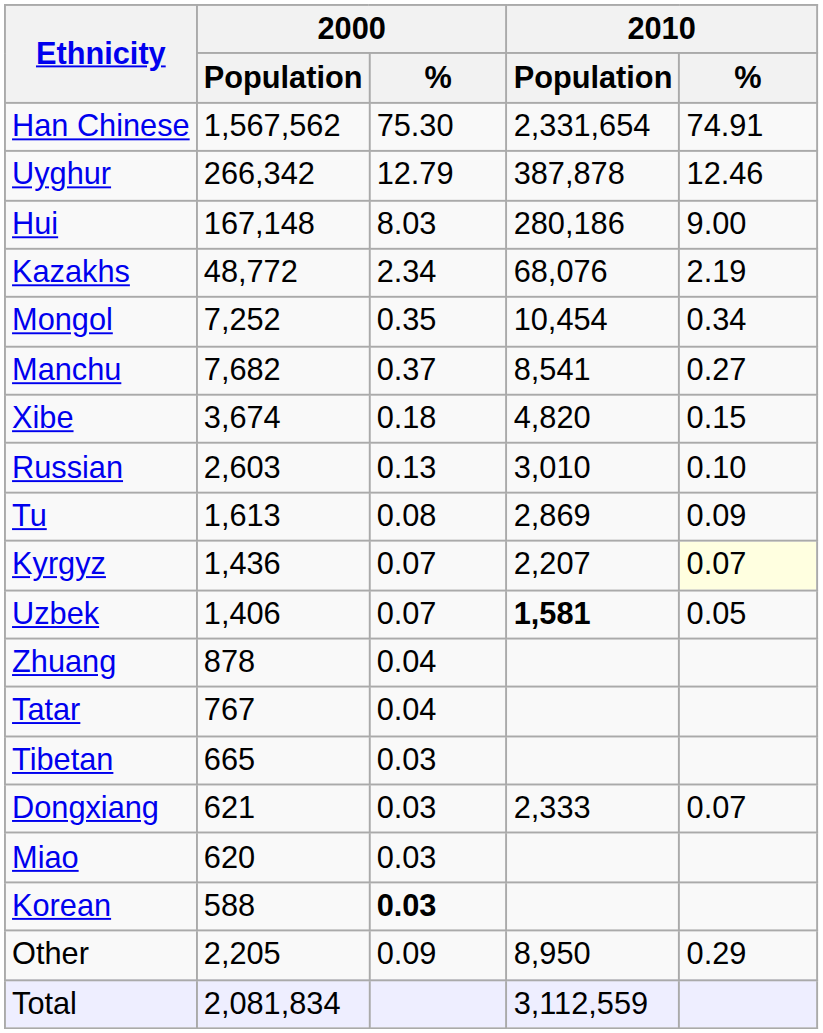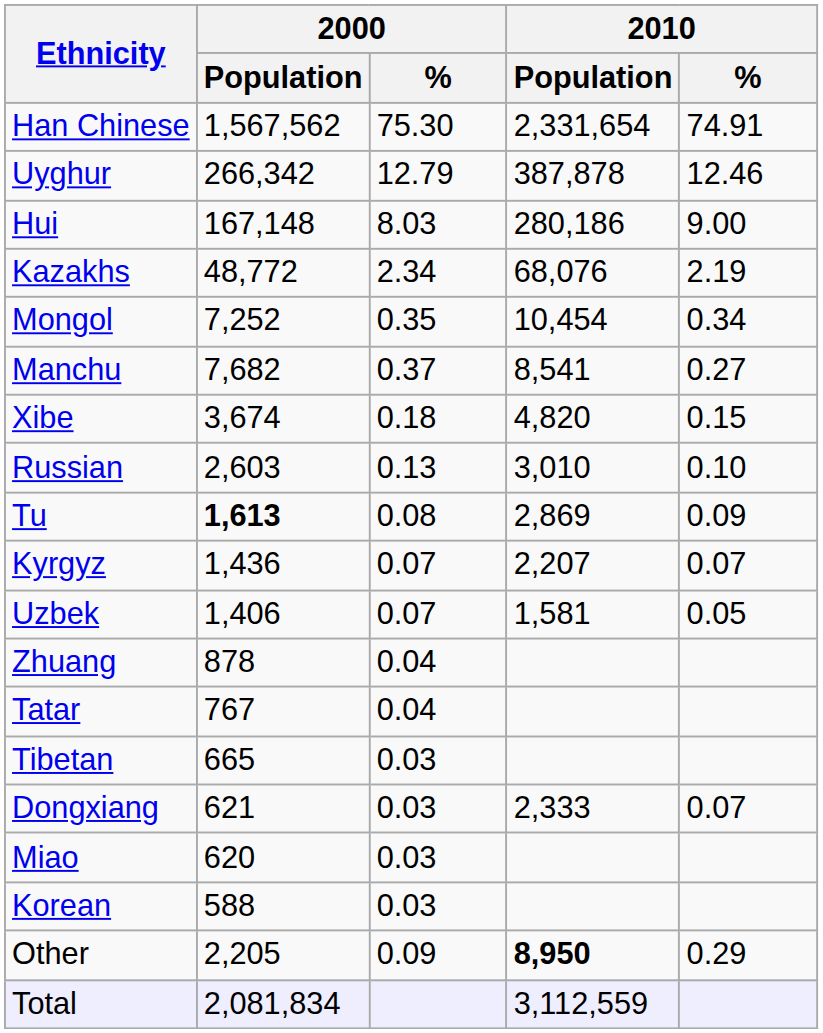 <table class = "wikitable">
 <tr style="background:#eee;">
 <th rowspan="2"><a href='#'>Ethnicity</a></th>
 <th colspan="2">2000</th>
 <th colspan="2">2010</th>
 </tr>
 <tr style="background:#eee;">
 <th>Population</th>
 <th style="width:4em;">%</th>
 <th>Population</th>
 <th style="width:4em;">%</th>
 </tr>
 <tr>
 <td style="text-align:left;"><a href='#'>Han Chinese</a></td>
 <td>1,567,562</td>
 <td>75.30</td>
 <td>2,331,654</td>
 <td>74.91</td>
 </tr>
 <tr>
 <td style="text-align:left;"><a href='#'>Uyghur</a></td>
 <td>266,342</td>
 <td>12.79</td>
 <td>387,878</td>
 <td>12.46</td>
 </tr>
 <tr>
 <td style="text-align:left;"><a href='#'>Hui</a></td>
 <td>167,148</td>
 <td>8.03</td>
 <td>280,186</td>
 <td>9.00</td>
 </tr>
 <tr>
 <td style="text-align:left;"><a href='#'>Kazakhs</a></td>
 <td>48,772</td>
 <td>2.34</td>
 <td>68,076</td>
 <td>2.19</td>
 </tr>
 <tr>
 <td style="text-align:left;"><a href='#'>Mongol</a></td>
 <td>7,252</td>
 <td>0.35</td>
 <td>10,454</td>
 <td>0.34</td>
 </tr>
 <tr>
 <td style="text-align:left;"><a href='#'>Manchu</a></td>
 <td>7,682</td>
 <td>0.37</td>
 <td>8,541</td>
 <td>0.27</td>
 </tr>
 <tr>
 <td style="text-align:left;"><a href='#'>Xibe</a></td>
 <td>3,674</td>
 <td>0.18</td>
 <td>4,820</td>
 <td>0.15</td>
 </tr>
 <tr>
 <td style="text-align:left;"><a href='#'>Russian</a></td>
 <td>2,603</td>
 <td>0.13</td>
 <td>3,010</td>
 <td>0.10</td>
 </tr>
 <tr>
 <td style="text-align:left;"><a href='#'>Tu</a></td>
-<td>1,613</td>
+<td><strong>1,613</strong></td>
 <td>0.08</td>
 <td>2,869</td>
 <td>0.09</td>
 </tr>
 <tr>
 <td style="text-align:left;"><a href='#'>Kyrgyz</a></td>
 <td>1,436</td>
 <td>0.07</td>
 <td>2,207</td>
-<td style="background: lightyellow;">0.07</td>
+<td>0.07</td>
 </tr>
 <tr>
 <td style="text-align:left;"><a href='#'>Uzbek</a></td>
 <td>1,406</td>
 <td>0.07</td>
-<td><strong>1,581</strong></td>
+<td>1,581</td>
 <td>0.05</td>
 </tr>
 <tr>
 <td style="text-align:left;"><a href='#'>Zhuang</a></td>
 <td>878</td>
 <td>0.04</td>
 <td></td>
 <td></td>
 </tr>
 <tr>
 <td style="text-align:left;"><a href='#'>Tatar</a></td>
 <td>767</td>
 <td>0.04</td>
 <td></td>
 <td></td>
 </tr>
 <tr>
 <td style="text-align:left;"><a href='#'>Tibetan</a></td>
 <td>665</td>
 <td>0.03</td>
 <td></td>
 <td></td>
 </tr>
 <tr>
 <td style="text-align:left;"><a href='#'>Dongxiang</a></td>
 <td>621</td>
 <td>0.03</td>
 <td>2,333</td>
 <td>0.07</td>
 </tr>
 <tr>
 <td style="text-align:left;"><a href='#'>Miao</a></td>
 <td>620</td>
 <td>0.03</td>
 <td></td>
 <td></td>
 </tr>
 <tr>
 <td style="text-align:left;"><a href='#'>Korean</a></td>
 <td>588</td>
-<td><strong>0.03</strong></td>
+<td>0.03</td>
 <td></td>
 <td></td>
 </tr>
 <tr>
 <td style="text-align:left;">Other</td>
 <td>2,205</td>
 <td>0.09</td>
-<td>8,950</td>
+<td><strong>8,950</strong></td>
 <td>0.29</td>
 </tr>
 <tr style="background:#EEF">
 <td>Total</td>
 <td>2,081,834</td>
 <td></td>
 <td>3,112,559</td>
 <td></td>
 </tr>
 </table>
